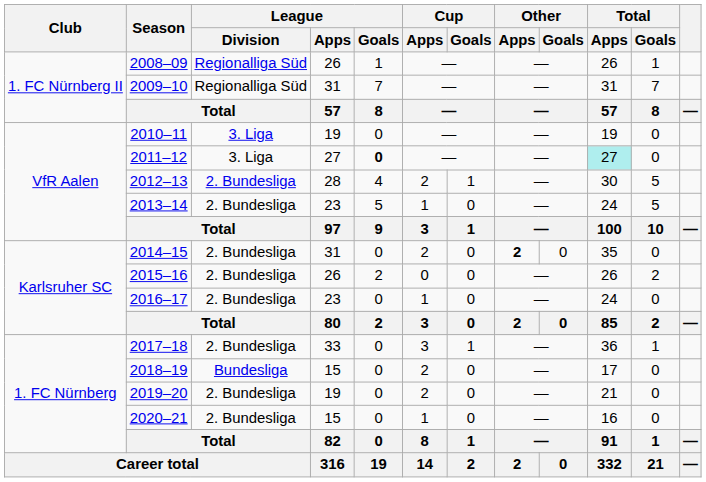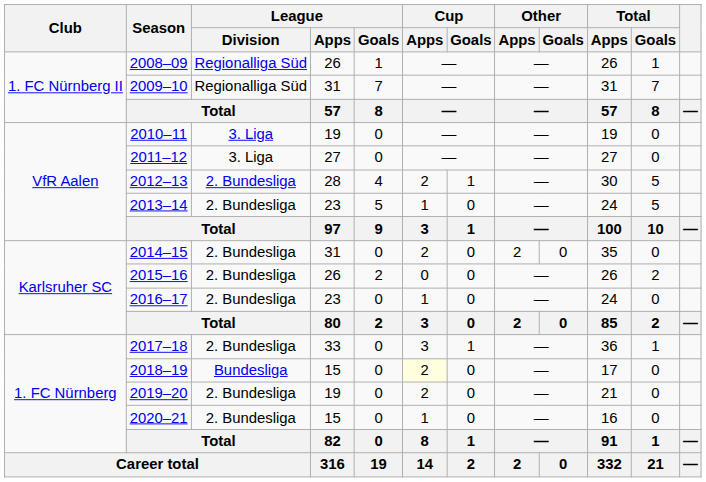 <table class="wikitable" style="text-align:center">
 <tr>
 <th rowspan="2">Club</th>
 <th rowspan="2">Season</th>
 <th colspan="3">League</th>
 <th colspan="2">Cup</th>
 <th colspan="2">Other</th>
 <th colspan="2">Total</th>
 <th rowspan="2"></th>
 </tr>
 <tr>
 <th>Division</th>
 <th>Apps</th>
 <th>Goals</th>
 <th>Apps</th>
 <th>Goals</th>
 <th>Apps</th>
 <th>Goals</th>
 <th>Apps</th>
 <th>Goals</th>
 </tr>
 <tr>
 <td rowspan="3"><a href='#'>1. FC Nürnberg II</a></td>
 <td><a href='#'>2008–09</a></td>
 <td><a href='#'>Regionalliga Süd</a></td>
 <td>26</td>
 <td>1</td>
 <td colspan="2">—</td>
 <td colspan="2">—</td>
 <td>26</td>
 <td>1</td>
 <td></td>
 </tr>
 <tr>
 <td><a href='#'>2009–10</a></td>
 <td>Regionalliga Süd</td>
 <td>31</td>
 <td>7</td>
 <td colspan="2">—</td>
 <td colspan="2">—</td>
 <td>31</td>
 <td>7</td>
 <td></td>
 </tr>
 <tr>
 <th colspan="2">Total</th>
 <th>57</th>
 <th>8</th>
 <th colspan="2">—</th>
 <th colspan="2">—</th>
 <th>57</th>
 <th>8</th>
 <th>—</th>
 </tr>
 <tr>
 <td rowspan="5"><a href='#'>VfR Aalen</a></td>
 <td><a href='#'>2010–11</a></td>
 <td><a href='#'>3. Liga</a></td>
 <td>19</td>
 <td>0</td>
 <td colspan="2">—</td>
 <td colspan="2">—</td>
 <td>19</td>
 <td>0</td>
 <td></td>
 </tr>
 <tr>
 <td><a href='#'>2011–12</a></td>
 <td>3. Liga</td>
 <td>27</td>
-<td><strong>0</strong></td>
+<td>0</td>
 <td colspan="2">—</td>
 <td colspan="2">—</td>
-<td style="background: paleturquoise;">27</td>
+<td>27</td>
 <td>0</td>
 <td></td>
 </tr>
 <tr>
 <td><a href='#'>2012–13</a></td>
 <td><a href='#'>2. Bundesliga</a></td>
 <td>28</td>
 <td>4</td>
 <td>2</td>
 <td>1</td>
 <td colspan="2">—</td>
 <td>30</td>
 <td>5</td>
 </tr>
 <tr>
 <td><a href='#'>2013–14</a></td>
 <td>2. Bundesliga</td>
 <td>23</td>
 <td>5</td>
 <td>1</td>
 <td>0</td>
 <td colspan="2">—</td>
 <td>24</td>
 <td>5</td>
 <td></td>
 </tr>
 <tr>
 <th colspan="2">Total</th>
 <th>97</th>
 <th>9</th>
 <th>3</th>
 <th>1</th>
 <th colspan="2">—</th>
 <th>100</th>
 <th>10</th>
 <th>—</th>
 </tr>
 <tr>
 <td rowspan="4"><a href='#'>Karlsruher SC</a></td>
 <td><a href='#'>2014–15</a></td>
 <td>2. Bundesliga</td>
 <td>31</td>
 <td>0</td>
 <td>2</td>
 <td>0</td>
-<td><strong>2</strong></td>
+<td>2</td>
 <td>0</td>
 <td>35</td>
 <td>0</td>
 <td></td>
 </tr>
 <tr>
 <td><a href='#'>2015–16</a></td>
 <td>2. Bundesliga</td>
 <td>26</td>
 <td>2</td>
 <td>0</td>
 <td>0</td>
 <td colspan="2">—</td>
 <td>26</td>
 <td>2</td>
 <td></td>
 </tr>
 <tr>
 <td><a href='#'>2016–17</a></td>
 <td>2. Bundesliga</td>
 <td>23</td>
 <td>0</td>
 <td>1</td>
 <td>0</td>
 <td colspan="2">—</td>
 <td>24</td>
 <td>0</td>
 <td></td>
 </tr>
 <tr>
 <th colspan="2">Total</th>
 <th>80</th>
 <th>2</th>
 <th>3</th>
 <th>0</th>
 <th>2</th>
 <th>0</th>
 <th>85</th>
 <th>2</th>
 <th>—</th>
 </tr>
 <tr>
 <td rowspan="5"><a href='#'>1. FC Nürnberg</a></td>
 <td><a href='#'>2017–18</a></td>
 <td>2. Bundesliga</td>
 <td>33</td>
 <td>0</td>
 <td>3</td>
 <td>1</td>
 <td colspan="2">—</td>
 <td>36</td>
 <td>1</td>
 <td></td>
 </tr>
 <tr>
 <td><a href='#'>2018–19</a></td>
 <td><a href='#'>Bundesliga</a></td>
 <td>15</td>
 <td>0</td>
-<td>2</td>
+<td style="background: lightyellow;">2</td>
 <td>0</td>
 <td colspan="2">—</td>
 <td>17</td>
 <td>0</td>
 <td></td>
 </tr>
 <tr>
 <td><a href='#'>2019–20</a></td>
 <td>2. Bundesliga</td>
 <td>19</td>
 <td>0</td>
 <td>2</td>
 <td>0</td>
 <td colspan="2">—</td>
 <td>21</td>
 <td>0</td>
 <td></td>
 </tr>
 <tr>
 <td><a href='#'>2020–21</a></td>
 <td>2. Bundesliga</td>
 <td>15</td>
 <td>0</td>
 <td>1</td>
 <td>0</td>
 <td colspan="2">—</td>
 <td>16</td>
 <td>0</td>
 <td></td>
 </tr>
 <tr>
 <th colspan="2">Total</th>
 <th>82</th>
 <th>0</th>
 <th>8</th>
 <th>1</th>
 <th colspan="2">—</th>
 <th>91</th>
 <th>1</th>
 <th>—</th>
 </tr>
 <tr>
 <th colspan="3">Career total</th>
 <th>316</th>
 <th>19</th>
 <th>14</th>
 <th>2</th>
 <th>2</th>
 <th>0</th>
 <th>332</th>
 <th>21</th>
 <th>—</th>
 </tr>
 </table>
